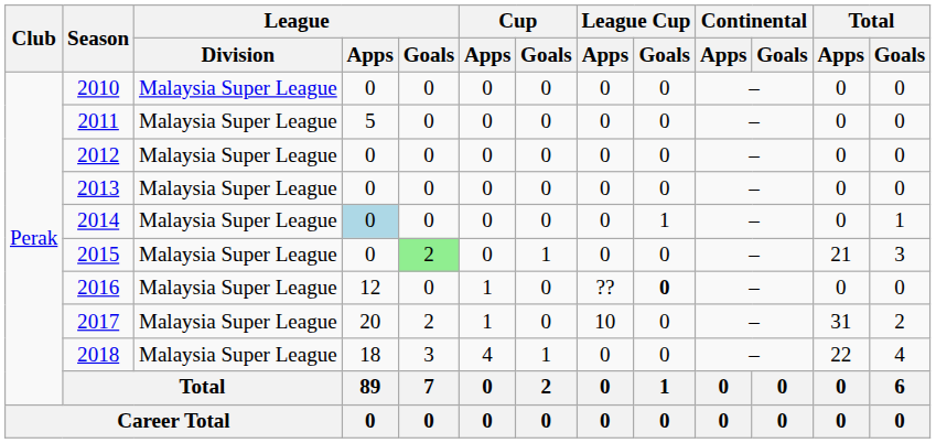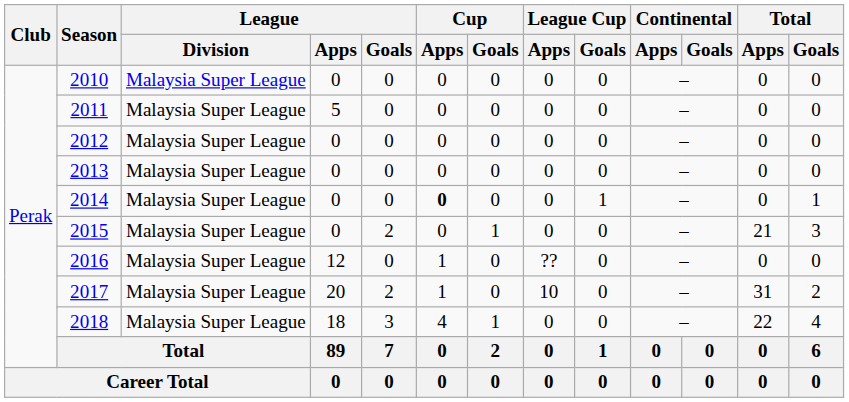 <table class=wikitable style="text-align:center">
 <tr>
 <th rowspan=2>Club</th>
 <th rowspan=2>Season</th>
 <th colspan=3>League</th>
 <th colspan=2>Cup</th>
 <th colspan=2>League Cup</th>
 <th colspan=2>Continental</th>
 <th colspan=2>Total</th>
 </tr>
 <tr>
 <th>Division</th>
 <th>Apps</th>
 <th>Goals</th>
 <th>Apps</th>
 <th>Goals</th>
 <th>Apps</th>
 <th>Goals</th>
 <th>Apps</th>
 <th>Goals</th>
 <th>Apps</th>
 <th>Goals</th>
 </tr>
 <tr>
 <td rowspan=10><a href='#'>Perak</a></td>
 <td><a href='#'>2010</a></td>
 <td><a href='#'>Malaysia Super League</a></td>
 <td>0</td>
 <td>0</td>
 <td>0</td>
 <td>0</td>
 <td>0</td>
 <td>0</td>
 <td colspan=2>–</td>
 <td>0</td>
 <td>0</td>
 </tr>
 <tr>
 <td><a href='#'>2011</a></td>
 <td>Malaysia Super League</td>
 <td>5</td>
 <td>0</td>
 <td>0</td>
 <td>0</td>
 <td>0</td>
 <td>0</td>
 <td colspan=2>–</td>
 <td>0</td>
 <td>0</td>
 </tr>
 <tr>
 <td><a href='#'>2012</a></td>
 <td>Malaysia Super League</td>
 <td>0</td>
 <td>0</td>
 <td>0</td>
 <td>0</td>
 <td>0</td>
 <td>0</td>
 <td colspan=2>–</td>
 <td>0</td>
 <td>0</td>
 </tr>
 <tr>
 <td><a href='#'>2013</a></td>
 <td>Malaysia Super League</td>
 <td>0</td>
 <td>0</td>
 <td>0</td>
 <td>0</td>
 <td>0</td>
 <td>0</td>
 <td colspan=2>–</td>
 <td>0</td>
 <td>0</td>
 </tr>
 <tr>
 <td><a href='#'>2014</a></td>
 <td>Malaysia Super League</td>
-<td style="background: lightblue;">0</td>
 <td>0</td>
 <td>0</td>
+<td><strong>0</strong></td>
 <td>0</td>
 <td>0</td>
 <td>1</td>
 <td colspan=2>–</td>
 <td>0</td>
 <td>1</td>
 </tr>
 <tr>
 <td><a href='#'>2015</a></td>
 <td>Malaysia Super League</td>
 <td>0</td>
-<td style="background: lightgreen;">2</td>
+<td>2</td>
 <td>0</td>
 <td>1</td>
 <td>0</td>
 <td>0</td>
 <td colspan=2>–</td>
 <td>21</td>
 <td>3</td>
 </tr>
 <tr>
 <td><a href='#'>2016</a></td>
 <td>Malaysia Super League</td>
 <td>12</td>
 <td>0</td>
 <td>1</td>
 <td>0</td>
 <td>??</td>
-<td><strong>0</strong></td>
+<td>0</td>
 <td colspan=2>–</td>
 <td>0</td>
 <td>0</td>
 </tr>
 <tr>
 <td><a href='#'>2017</a></td>
 <td>Malaysia Super League</td>
 <td>20</td>
 <td>2</td>
 <td>1</td>
 <td>0</td>
 <td>10</td>
 <td>0</td>
 <td colspan=2>–</td>
 <td>31</td>
 <td>2</td>
 </tr>
 <tr>
 <td><a href='#'>2018</a></td>
 <td>Malaysia Super League</td>
 <td>18</td>
 <td>3</td>
 <td>4</td>
 <td>1</td>
 <td>0</td>
 <td>0</td>
 <td colspan=2>–</td>
 <td>22</td>
 <td>4</td>
 </tr>
 <tr>
 <th colspan="2">Total</th>
 <th>89</th>
 <th>7</th>
 <th>0</th>
 <th>2</th>
 <th>0</th>
 <th>1</th>
 <th>0</th>
 <th>0</th>
 <th>0</th>
 <th>6</th>
 </tr>
 <tr>
 <th colspan="3">Career Total</th>
 <th>0</th>
 <th>0</th>
 <th>0</th>
 <th>0</th>
 <th>0</th>
 <th>0</th>
 <th>0</th>
 <th>0</th>
 <th>0</th>
 <th>0</th>
 </tr>
 </table>
